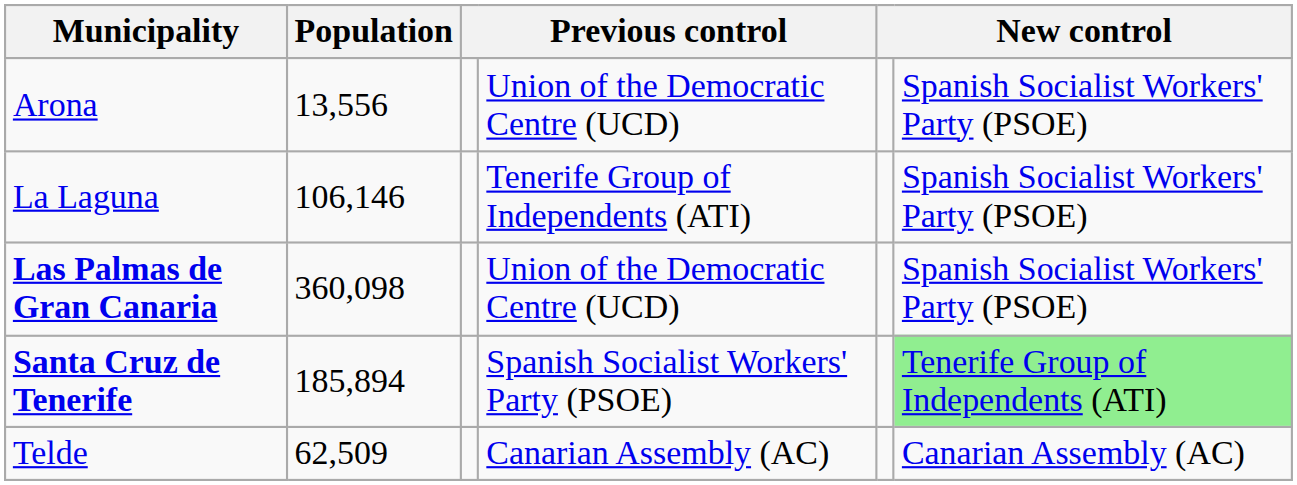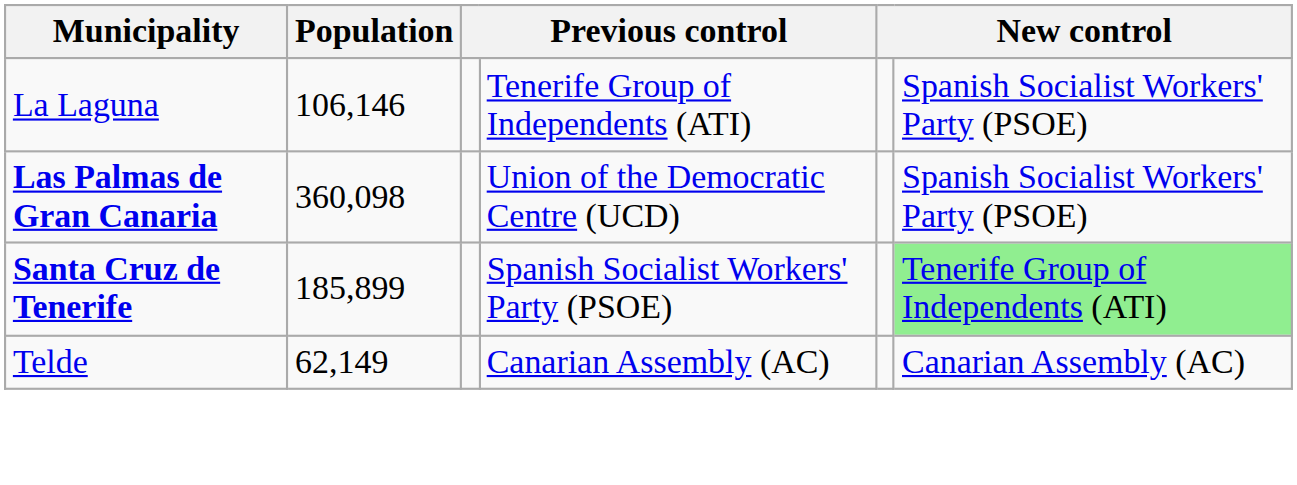 <table class="wikitable sortable">
 <tr>
 <th>Municipality</th>
 <th>Population</th>
 <th colspan="2" style="width:375px;">Previous control</th>
 <th colspan="2" style="width:375px;">New control</th>
-</tr>
-<tr>
-<td><a href='#'>Arona</a></td>
-<td>13,556</td>
-<td width="1" style="color:inherit;background:"></td>
-<td><a href='#'>Union of the Democratic Centre</a> (UCD)</td>
-<td width="1" style="color:inherit;background:"></td>
-<td><a href='#'>Spanish Socialist Workers' Party</a> (PSOE)</td>
 </tr>
 <tr>
 <td><a href='#'>La Laguna</a></td>
 <td>106,146</td>
 <td style="color:inherit;background:"></td>
 <td><a href='#'>Tenerife Group of Independents</a> (ATI)</td>
 <td style="color:inherit;background:"></td>
 <td><a href='#'>Spanish Socialist Workers' Party</a> (PSOE)</td>
 </tr>
 <tr>
 <td><strong><a href='#'>Las Palmas de Gran Canaria</a></strong></td>
 <td>360,098</td>
 <td style="color:inherit;background:"></td>
 <td><a href='#'>Union of the Democratic Centre</a> (UCD)</td>
 <td style="color:inherit;background:"></td>
 <td><a href='#'>Spanish Socialist Workers' Party</a> (PSOE)</td>
 </tr>
 <tr>
 <td><strong><a href='#'>Santa Cruz de Tenerife</a></strong></td>
-<td>185,894</td>
+<td>185,899</td>
 <td style="color:inherit;background:"></td>
 <td><a href='#'>Spanish Socialist Workers' Party</a> (PSOE)</td>
 <td style="color:inherit;background:"></td>
 <td style="background: lightgreen;"><a href='#'>Tenerife Group of Independents</a> (ATI)</td>
 </tr>
 <tr>
 <td><a href='#'>Telde</a></td>
-<td>62,509</td>
+<td>62,149</td>
 <td style="color:inherit;background:"></td>
 <td><a href='#'>Canarian Assembly</a> (AC)</td>
 <td style="color:inherit;background:"></td>
 <td><a href='#'>Canarian Assembly</a> (AC)</td>
 </tr>
 </table>
